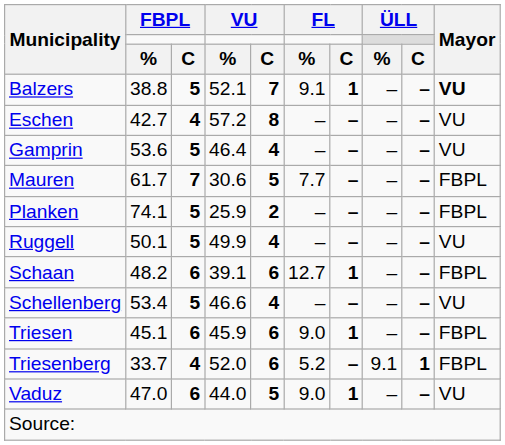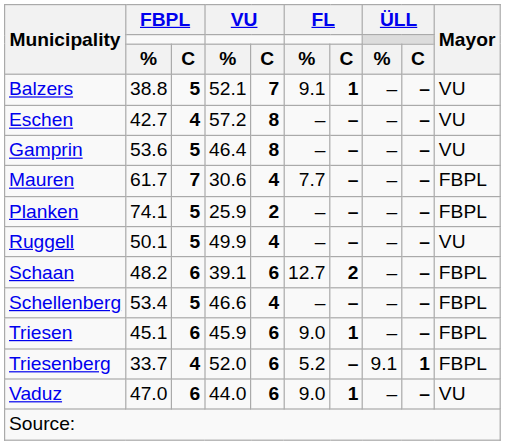 <table class="wikitable">
 <tr>
 <th rowspan="3">Municipality</th>
 <th colspan="2"><a href='#'>FBPL</a></th>
 <th colspan="2"><a href='#'>VU</a></th>
 <th colspan="2"><a href='#'>FL</a></th>
 <th colspan="2"><a href='#'>ÜLL</a></th>
 <th rowspan="3" colspan="2">Mayor</th>
 </tr>
 <tr>
 <td colspan="2" style="color:inherit;background:"></td>
 <td colspan="2"></td>
 <td colspan="2" style="color:inherit;background:"></td>
 <td colspan="2" bgcolor="gainsboro"></td>
 </tr>
 <tr>
 <th width=25>%</th>
 <th width=20>C</th>
 <th width=25>%</th>
 <th width=20>C</th>
 <th width=25>%</th>
 <th width=20>C</th>
 <th width=25>%</th>
 <th width=20>C</th>
 </tr>
 <tr>
 <td><a href='#'>Balzers</a></td>
 <td style="text-align: right;">38.8</td>
 <td style="text-align: right; font-weight: bold;">5</td>
 <td style="text-align: right;">52.1</td>
 <td style="text-align: right; font-weight: bold;">7</td>
 <td style="text-align: right;">9.1</td>
 <td style="text-align: right; font-weight: bold;">1</td>
 <td style="text-align: right;">–</td>
 <td style="text-align: right; font-weight: bold;">–</td>
-<td><strong>VU</strong></td>
+<td>VU</td>
 </tr>
 <tr>
 <td><a href='#'>Eschen</a></td>
 <td style="text-align: right;">42.7</td>
 <td style="text-align: right; font-weight: bold;">4</td>
 <td style="text-align: right;">57.2</td>
 <td style="text-align: right; font-weight: bold;">8</td>
 <td style="text-align: right;">–</td>
 <td style="text-align: right; font-weight: bold;">–</td>
 <td style="text-align: right;">–</td>
 <td style="text-align: right; font-weight: bold;">–</td>
 <td>VU</td>
 </tr>
 <tr>
 <td><a href='#'>Gamprin</a></td>
 <td style="text-align: right;">53.6</td>
 <td style="text-align: right; font-weight: bold;">5</td>
 <td style="text-align: right;">46.4</td>
-<td style="text-align: right; font-weight: bold;">4</td>
+<td style="text-align: right; font-weight: bold;">8</td>
 <td style="text-align: right;">–</td>
 <td style="text-align: right; font-weight: bold;">–</td>
 <td style="text-align: right;">–</td>
 <td style="text-align: right; font-weight: bold;">–</td>
 <td>VU</td>
 </tr>
 <tr>
 <td><a href='#'>Mauren</a></td>
 <td style="text-align: right;">61.7</td>
 <td style="text-align: right; font-weight: bold;">7</td>
 <td style="text-align: right;">30.6</td>
-<td style="text-align: right; font-weight: bold;">5</td>
+<td style="text-align: right; font-weight: bold;">4</td>
 <td style="text-align: right;">7.7</td>
 <td style="text-align: right; font-weight: bold;">–</td>
 <td style="text-align: right;">–</td>
 <td style="text-align: right; font-weight: bold;">–</td>
 <td>FBPL</td>
 </tr>
 <tr>
 <td><a href='#'>Planken</a></td>
 <td style="text-align: right;">74.1</td>
 <td style="text-align: right; font-weight: bold;">5</td>
 <td style="text-align: right;">25.9</td>
 <td style="text-align: right; font-weight: bold;">2</td>
 <td style="text-align: right;">–</td>
 <td style="text-align: right; font-weight: bold;">–</td>
 <td style="text-align: right;">–</td>
 <td style="text-align: right; font-weight: bold;">–</td>
 <td>FBPL</td>
 </tr>
 <tr>
 <td><a href='#'>Ruggell</a></td>
 <td style="text-align: right;">50.1</td>
 <td style="text-align: right; font-weight: bold;">5</td>
 <td style="text-align: right;">49.9</td>
 <td style="text-align: right; font-weight: bold;">4</td>
 <td style="text-align: right;">–</td>
 <td style="text-align: right; font-weight: bold;">–</td>
 <td style="text-align: right;">–</td>
 <td style="text-align: right; font-weight: bold;">–</td>
 <td>VU</td>
 </tr>
 <tr>
 <td><a href='#'>Schaan</a></td>
 <td style="text-align: right;">48.2</td>
 <td style="text-align: right; font-weight: bold;">6</td>
 <td style="text-align: right;">39.1</td>
 <td style="text-align: right; font-weight: bold;">6</td>
 <td style="text-align: right;">12.7</td>
-<td style="text-align: right; font-weight: bold;">1</td>
+<td style="text-align: right; font-weight: bold;">2</td>
 <td style="text-align: right;">–</td>
 <td style="text-align: right; font-weight: bold;">–</td>
 <td>FBPL</td>
 </tr>
 <tr>
 <td><a href='#'>Schellenberg</a></td>
 <td style="text-align: right;">53.4</td>
 <td style="text-align: right; font-weight: bold;">5</td>
 <td style="text-align: right;">46.6</td>
 <td style="text-align: right; font-weight: bold;">4</td>
 <td style="text-align: right;">–</td>
 <td style="text-align: right; font-weight: bold;">–</td>
 <td style="text-align: right;">–</td>
 <td style="text-align: right; font-weight: bold;">–</td>
-<td>VU</td>
+<td>FBPL</td>
 </tr>
 <tr>
 <td><a href='#'>Triesen</a></td>
 <td style="text-align: right;">45.1</td>
 <td style="text-align: right; font-weight: bold;">6</td>
 <td style="text-align: right;">45.9</td>
 <td style="text-align: right; font-weight: bold;">6</td>
 <td style="text-align: right;">9.0</td>
 <td style="text-align: right; font-weight: bold;">1</td>
 <td style="text-align: right;">–</td>
 <td style="text-align: right; font-weight: bold;">–</td>
 <td>FBPL</td>
 </tr>
 <tr>
 <td><a href='#'>Triesenberg</a></td>
 <td style="text-align: right;">33.7</td>
 <td style="text-align: right; font-weight: bold;">4</td>
 <td style="text-align: right;">52.0</td>
 <td style="text-align: right; font-weight: bold;">6</td>
 <td style="text-align: right;">5.2</td>
 <td style="text-align: right; font-weight: bold;">–</td>
 <td style="text-align: right;">9.1</td>
 <td style="text-align: right; font-weight: bold;">1</td>
 <td>FBPL</td>
 </tr>
 <tr>
 <td><a href='#'>Vaduz</a></td>
 <td style="text-align: right;">47.0</td>
 <td style="text-align: right; font-weight: bold;">6</td>
 <td style="text-align: right;">44.0</td>
-<td style="text-align: right; font-weight: bold;">5</td>
+<td style="text-align: right; font-weight: bold;">6</td>
 <td style="text-align: right;">9.0</td>
 <td style="text-align: right; font-weight: bold;">1</td>
 <td style="text-align: right;">–</td>
 <td style="text-align: right; font-weight: bold;">–</td>
 <td>VU</td>
 </tr>
 <tr>
 <td align=left colspan=10>Source: </td>
 </tr>
 </table>
